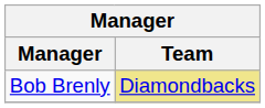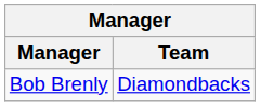 <table class="wikitable" style="font-size: 100%; text-align:center;">
 <tr>
 <th colspan="2">Manager</th>
 </tr>
 <tr>
 <th>Manager</th>
 <th width="100">Team</th>
 </tr>
 <tr>
 <td><a href='#'>Bob Brenly</a></td>
-<td style="background: khaki;"><a href='#'>Diamondbacks</a></td>
+<td><a href='#'>Diamondbacks</a></td>
 </tr>
 <tr>
 </tr>
 </table>
